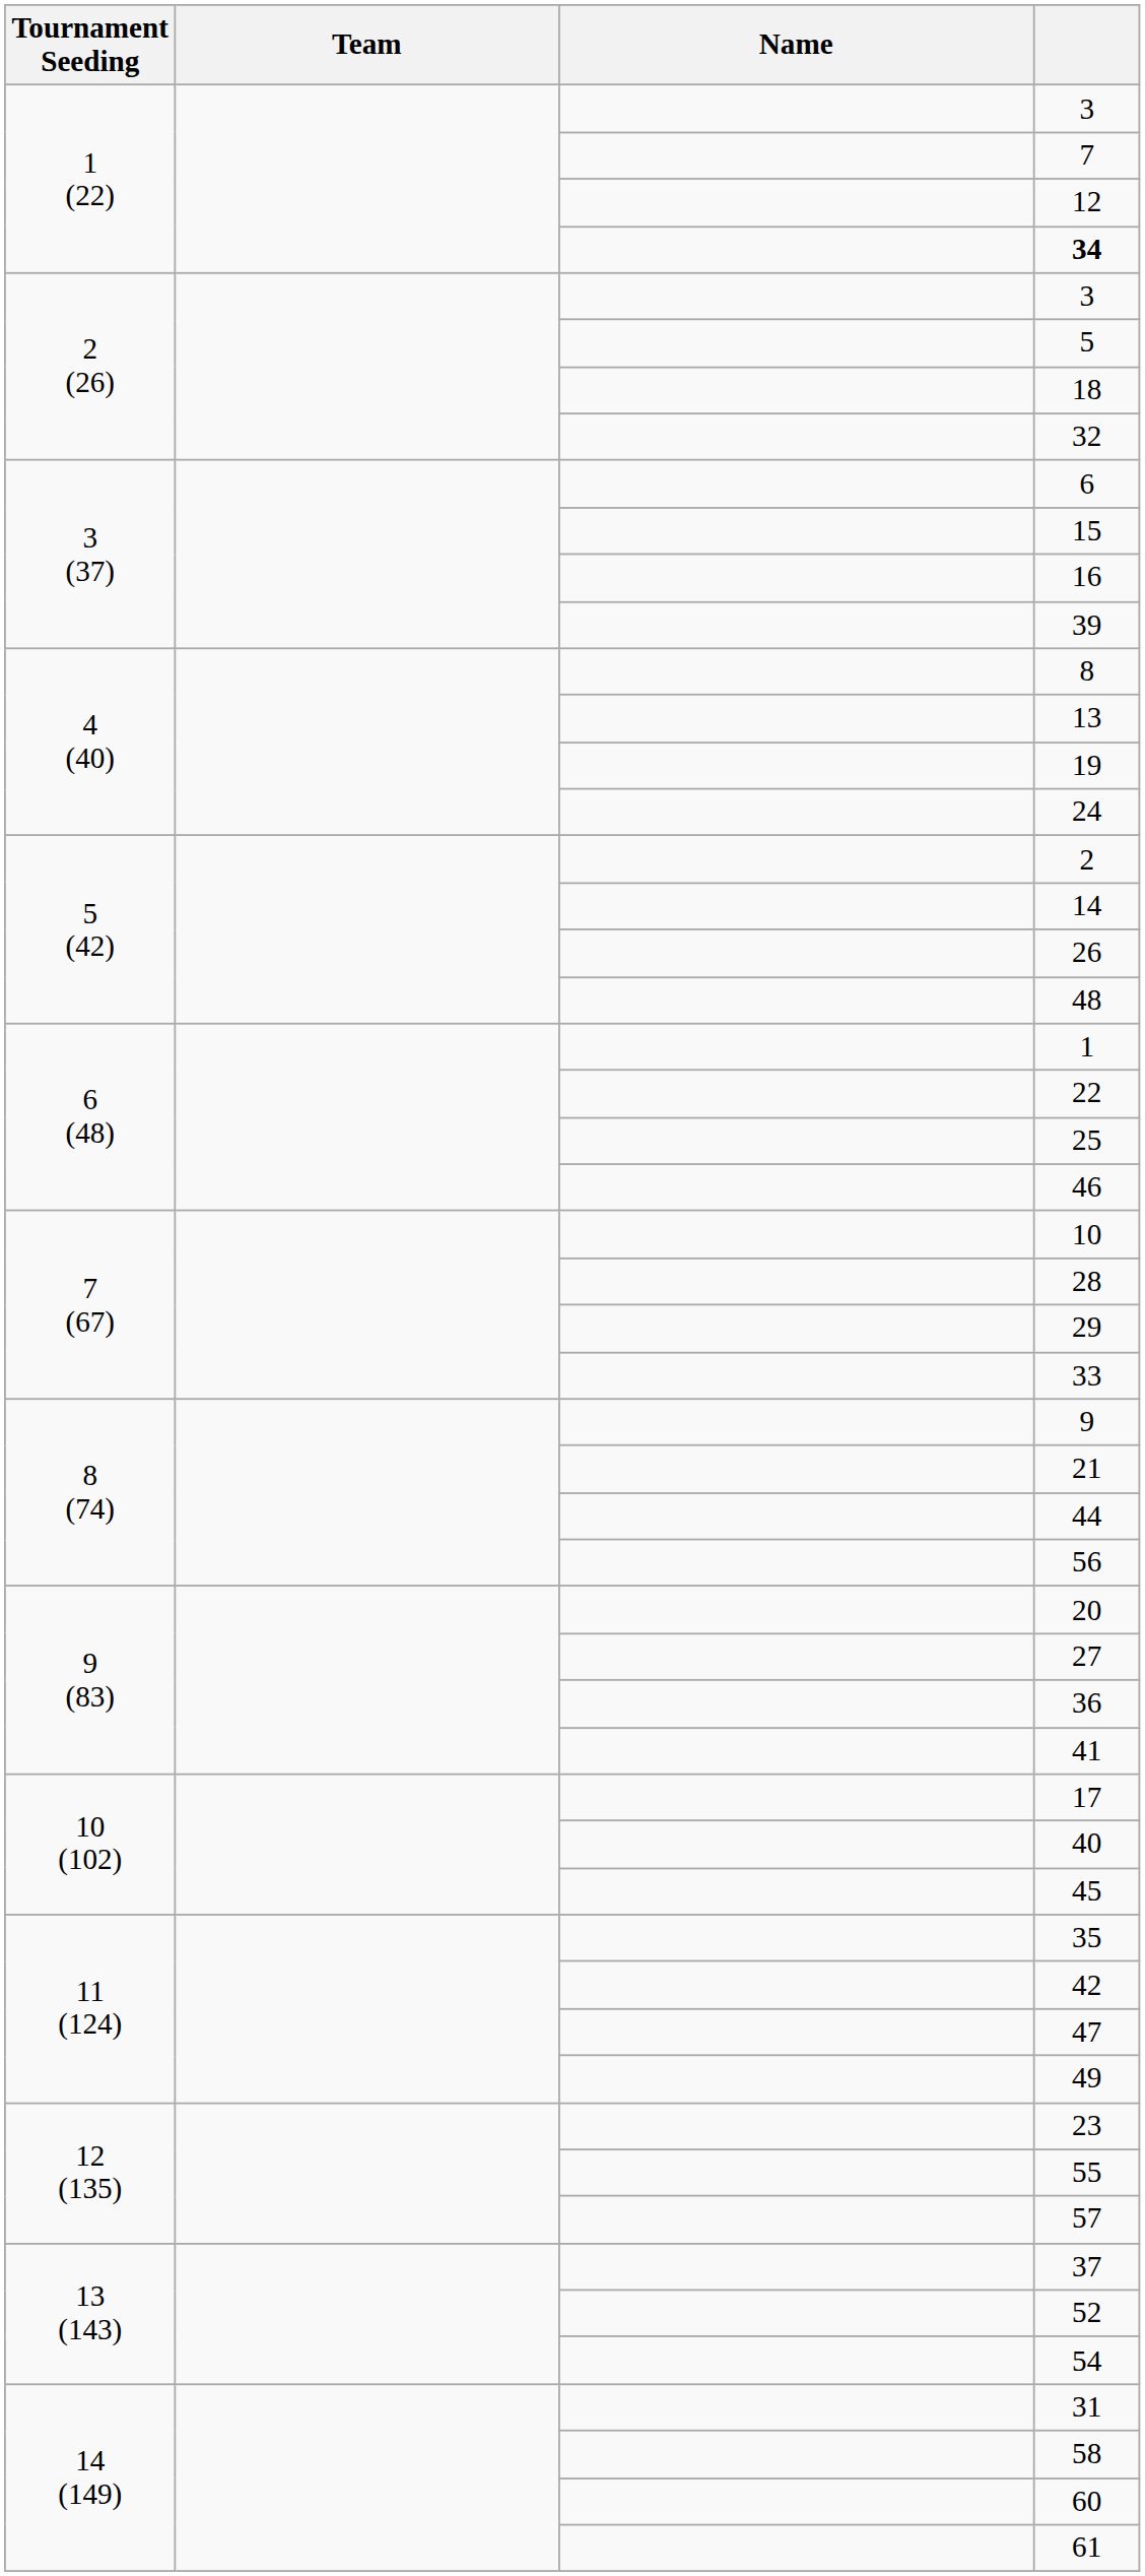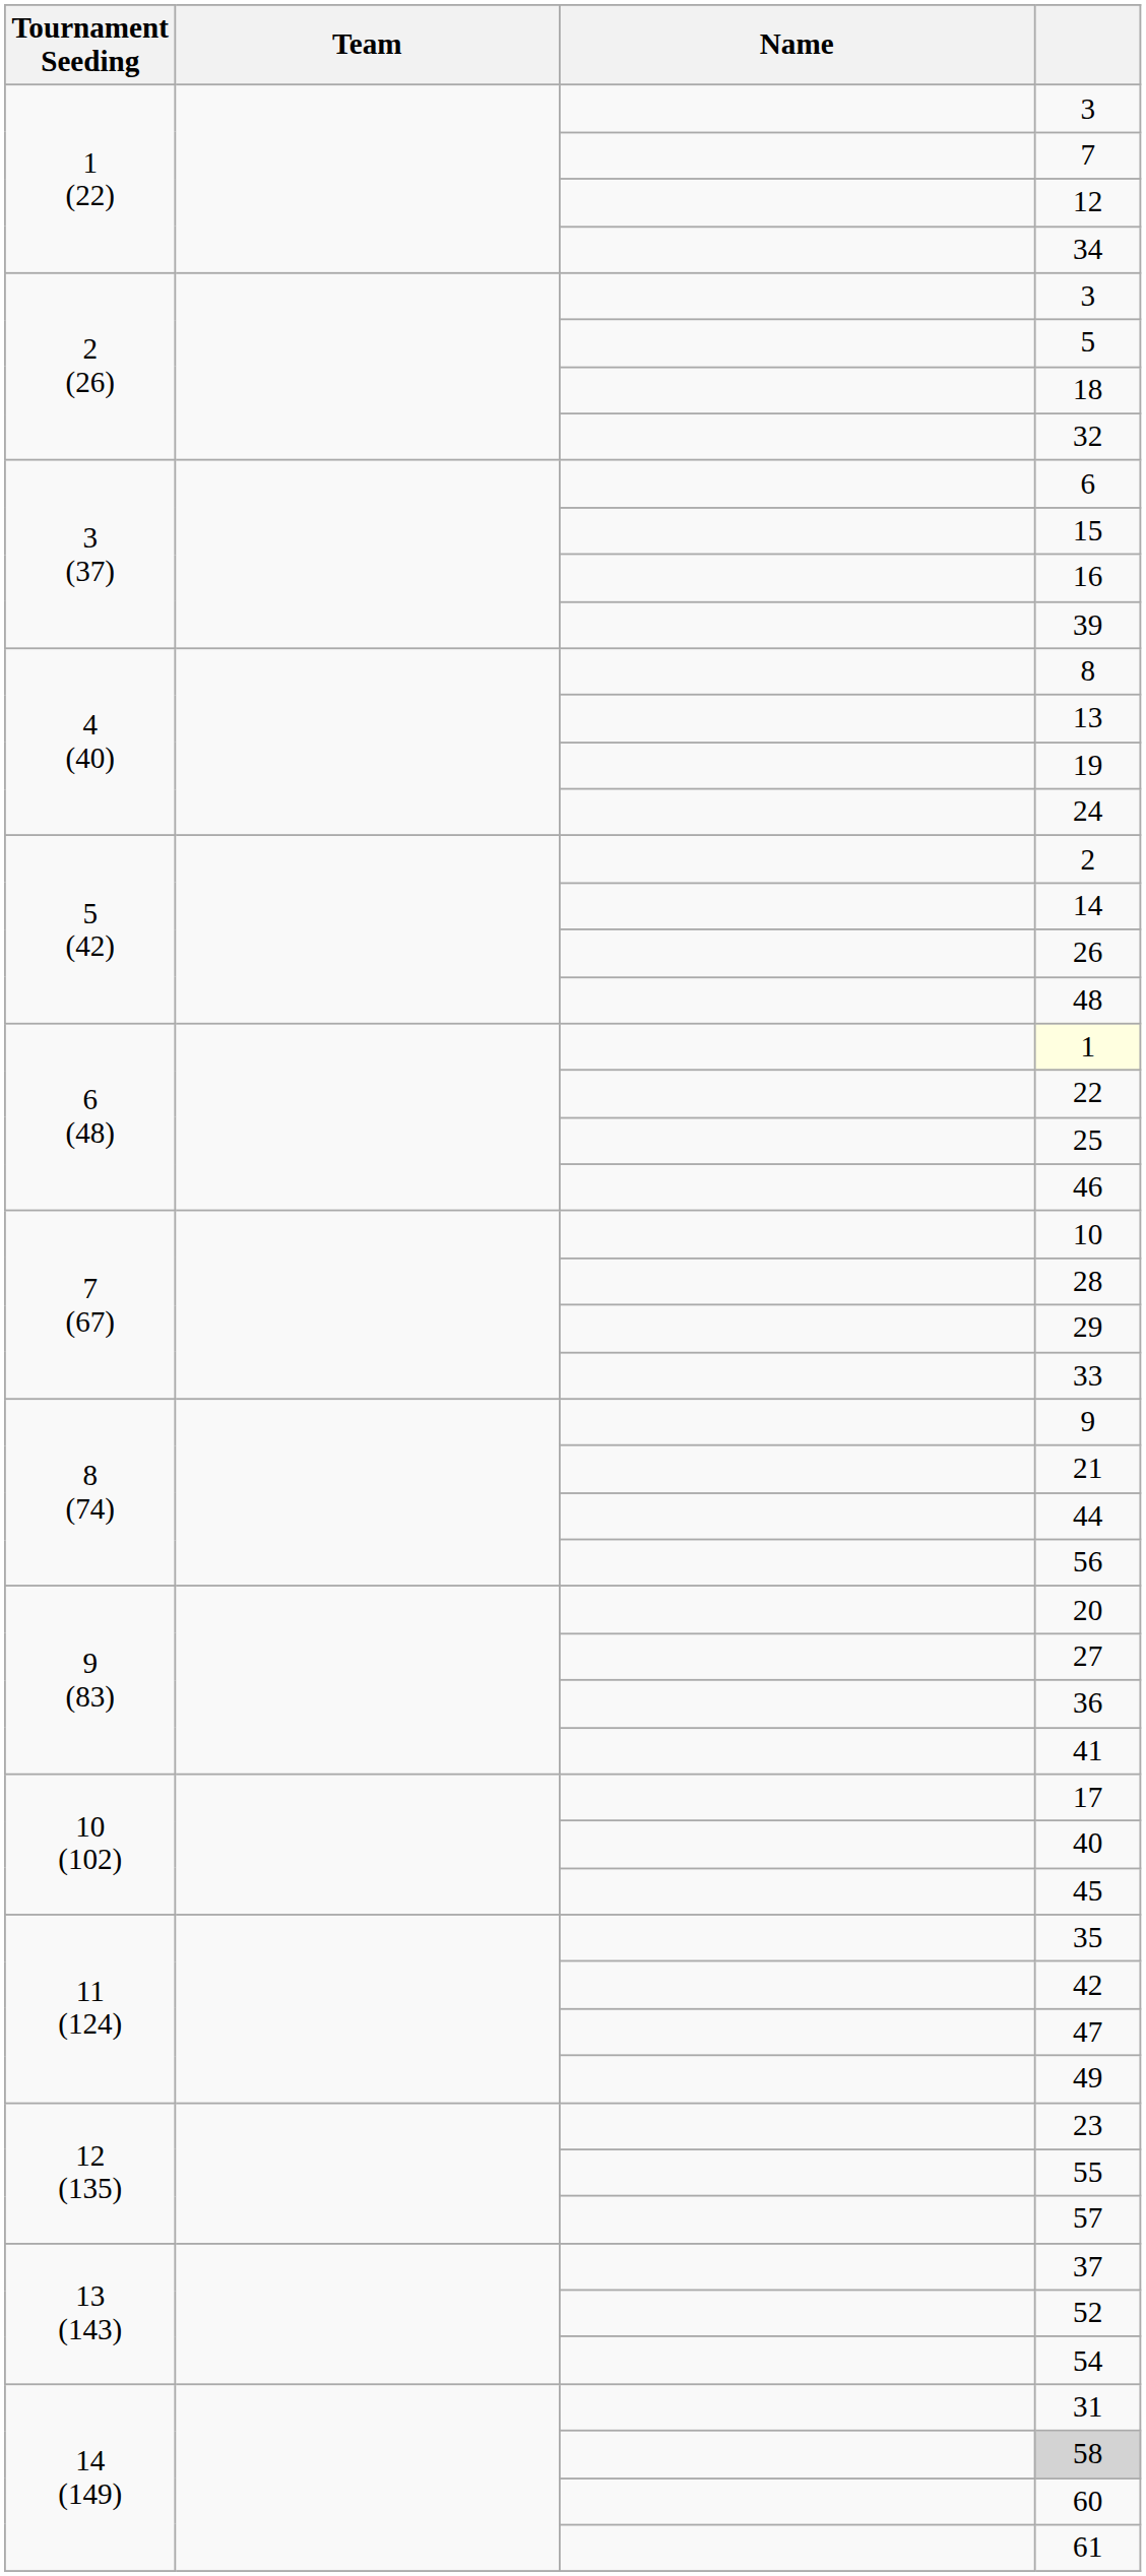 <table class="wikitable" style="text-align:center">
 <tr>
 <th width="50">Tournament Seeding</th>
 <th width="200">Team</th>
 <th width="250">Name</th>
 <th width="50"></th>
 </tr>
 <tr>
 <td rowspan="4">1<br>(22)</td>
 <td rowspan="4" align="left"></td>
 <td align="left"></td>
 <td>3</td>
 </tr>
 <tr>
 <td align="left"></td>
 <td>7</td>
 </tr>
 <tr>
 <td align="left"></td>
 <td>12</td>
 </tr>
 <tr>
 <td align="left"></td>
-<td><strong>34</strong></td>
+<td>34</td>
 </tr>
 <tr>
 <td rowspan="4">2<br>(26)</td>
 <td rowspan="4" align="left"></td>
 <td align="left"></td>
 <td>3</td>
 </tr>
 <tr>
 <td align="left"></td>
 <td>5</td>
 </tr>
 <tr>
 <td align="left"></td>
 <td>18</td>
 </tr>
 <tr>
 <td align="left"></td>
 <td>32</td>
 </tr>
 <tr>
 <td rowspan="4">3<br>(37)</td>
 <td rowspan="4" align="left"></td>
 <td align="left"></td>
 <td>6</td>
 </tr>
 <tr>
 <td align="left"></td>
 <td>15</td>
 </tr>
 <tr>
 <td align="left"></td>
 <td>16</td>
 </tr>
 <tr>
 <td align="left"></td>
 <td>39</td>
 </tr>
 <tr>
 <td rowspan="4">4<br>(40)</td>
 <td rowspan="4" align="left"></td>
 <td align="left"></td>
 <td>8</td>
 </tr>
 <tr>
 <td align="left"></td>
 <td>13</td>
 </tr>
 <tr>
 <td align="left"></td>
 <td>19</td>
 </tr>
 <tr>
 <td align="left"></td>
 <td>24</td>
 </tr>
 <tr>
 <td rowspan="4">5<br>(42)</td>
 <td rowspan="4" align="left"></td>
 <td align="left"></td>
 <td>2</td>
 </tr>
 <tr>
 <td align="left"></td>
 <td>14</td>
 </tr>
 <tr>
 <td align="left"></td>
 <td>26</td>
 </tr>
 <tr>
 <td align="left"></td>
 <td>48</td>
 </tr>
 <tr>
 <td rowspan="4">6<br>(48)</td>
 <td rowspan="4" align="left"></td>
 <td align="left"></td>
-<td>1</td>
+<td style="background: lightyellow;">1</td>
 </tr>
 <tr>
 <td align="left"></td>
 <td>22</td>
 </tr>
 <tr>
 <td align="left"></td>
 <td>25</td>
 </tr>
 <tr>
 <td align="left"></td>
 <td>46</td>
 </tr>
 <tr>
 <td rowspan="4">7<br>(67)</td>
 <td rowspan="4" align="left"></td>
 <td align="left"></td>
 <td>10</td>
 </tr>
 <tr>
 <td align="left"></td>
 <td>28</td>
 </tr>
 <tr>
 <td align="left"></td>
 <td>29</td>
 </tr>
 <tr>
 <td align="left"></td>
 <td>33</td>
 </tr>
 <tr>
 <td rowspan="4">8<br>(74)</td>
 <td rowspan="4" align="left"></td>
 <td align="left"></td>
 <td>9</td>
 </tr>
 <tr>
 <td align="left"></td>
 <td>21</td>
 </tr>
 <tr>
 <td align="left"></td>
 <td>44</td>
 </tr>
 <tr>
 <td align="left"></td>
 <td>56</td>
 </tr>
 <tr>
 <td rowspan="4">9<br>(83)</td>
 <td rowspan="4" align="left"></td>
 <td align="left"></td>
 <td>20</td>
 </tr>
 <tr>
 <td align="left"></td>
 <td>27</td>
 </tr>
 <tr>
 <td align="left"></td>
 <td>36</td>
 </tr>
 <tr>
 <td align="left"></td>
 <td>41</td>
 </tr>
 <tr>
 <td rowspan="3">10<br>(102)</td>
 <td rowspan="3" align="left"></td>
 <td align="left"></td>
 <td>17</td>
 </tr>
 <tr>
 <td align="left"></td>
 <td>40</td>
 </tr>
 <tr>
 <td align="left"></td>
 <td>45</td>
 </tr>
 <tr>
 <td rowspan="4">11<br>(124)</td>
 <td rowspan="4" align="left"></td>
 <td align="left"></td>
 <td>35</td>
 </tr>
 <tr>
 <td align="left"></td>
 <td>42</td>
 </tr>
 <tr>
 <td align="left"></td>
 <td>47</td>
 </tr>
 <tr>
 <td align="left"></td>
 <td>49</td>
 </tr>
 <tr>
 <td rowspan="3">12<br>(135)</td>
 <td rowspan="3" align="left"></td>
 <td align="left"></td>
 <td>23</td>
 </tr>
 <tr>
 <td align="left"></td>
 <td>55</td>
 </tr>
 <tr>
 <td align="left"></td>
 <td>57</td>
 </tr>
 <tr>
 <td rowspan="3">13<br>(143)</td>
 <td rowspan="3" align="left"></td>
 <td align="left"></td>
 <td>37</td>
 </tr>
 <tr>
 <td align="left"></td>
 <td>52</td>
 </tr>
 <tr>
 <td align="left"></td>
 <td>54</td>
 </tr>
 <tr>
 <td rowspan="4">14<br>(149)</td>
 <td rowspan="4" align="left"></td>
 <td align="left"></td>
 <td>31</td>
 </tr>
 <tr>
 <td align="left"></td>
-<td>58</td>
+<td style="background: lightgrey;">58</td>
 </tr>
 <tr>
 <td align="left"></td>
 <td>60</td>
 </tr>
 <tr>
 <td align="left"></td>
 <td>61</td>
 </tr>
 </table>
